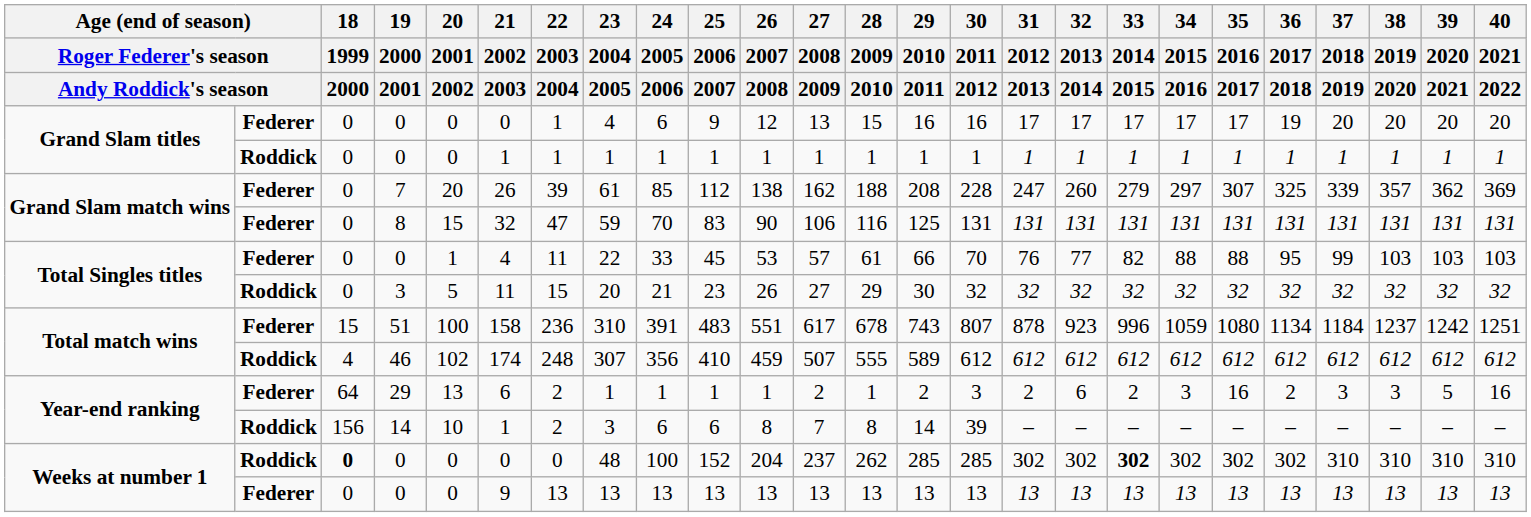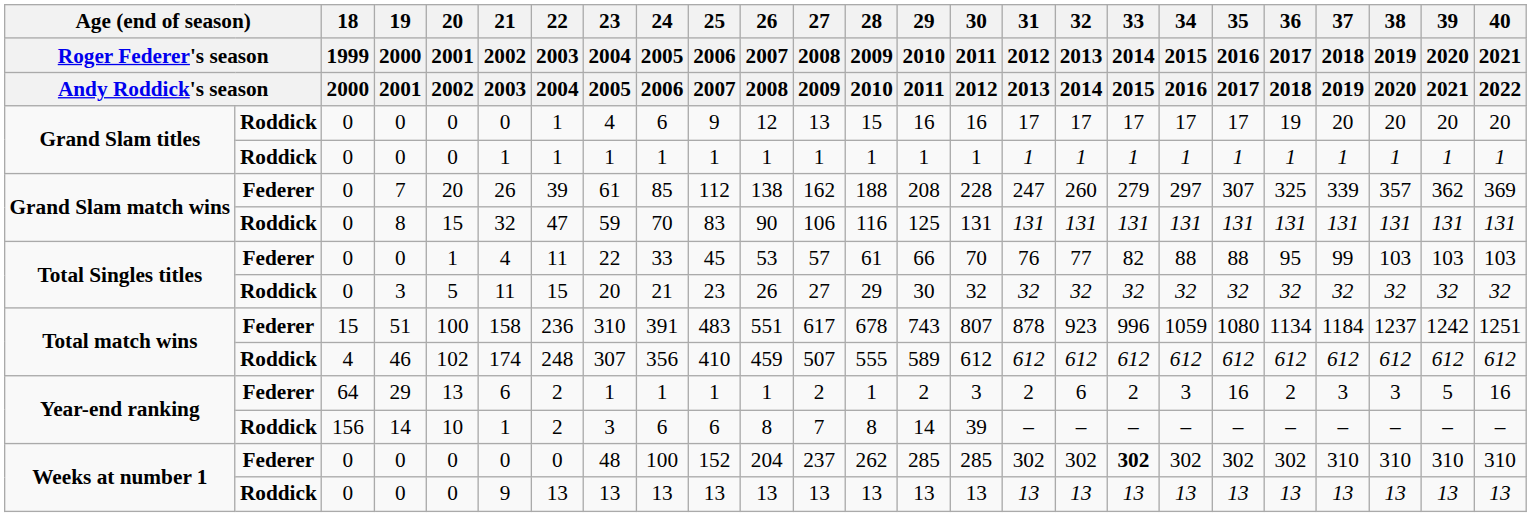 <table class=wikitable style=text-align:center>
 <tr>
 <th colspan=2>Age (end of season)</th>
 <th>18</th>
 <th>19</th>
 <th>20</th>
 <th>21</th>
 <th>22</th>
 <th>23</th>
 <th>24</th>
 <th>25</th>
 <th>26</th>
 <th>27</th>
 <th>28</th>
 <th>29</th>
 <th>30</th>
 <th>31</th>
 <th>32</th>
 <th>33</th>
 <th>34</th>
 <th>35</th>
 <th>36</th>
 <th>37</th>
 <th>38</th>
 <th>39</th>
 <th>40</th>
 </tr>
 <tr>
 <th colspan=2> <a href='#'>Roger Federer</a>'s season</th>
 <th>1999</th>
 <th>2000</th>
 <th>2001</th>
 <th>2002</th>
 <th>2003</th>
 <th>2004</th>
 <th>2005</th>
 <th>2006</th>
 <th>2007</th>
 <th>2008</th>
 <th>2009</th>
 <th>2010</th>
 <th>2011</th>
 <th>2012</th>
 <th>2013</th>
 <th>2014</th>
 <th>2015</th>
 <th>2016</th>
 <th>2017</th>
 <th>2018</th>
 <th>2019</th>
 <th>2020</th>
 <th>2021</th>
 </tr>
 <tr>
 <th colspan=2> <a href='#'>Andy Roddick</a>'s season</th>
 <th>2000</th>
 <th>2001</th>
 <th>2002</th>
 <th>2003</th>
 <th>2004</th>
 <th>2005</th>
 <th>2006</th>
 <th>2007</th>
 <th>2008</th>
 <th>2009</th>
 <th>2010</th>
 <th>2011</th>
 <th>2012</th>
 <th>2013</th>
 <th>2014</th>
 <th>2015</th>
 <th>2016</th>
 <th>2017</th>
 <th>2018</th>
 <th>2019</th>
 <th>2020</th>
 <th>2021</th>
 <th>2022</th>
 </tr>
 <tr>
 <td rowspan=2><strong>Grand Slam titles</strong></td>
-<td><strong>Federer</strong></td>
+<td><strong>Roddick</strong></td>
 <td>0</td>
 <td>0</td>
 <td>0</td>
 <td>0</td>
 <td>1</td>
 <td>4</td>
 <td>6</td>
 <td>9</td>
 <td>12</td>
 <td>13</td>
 <td>15</td>
 <td>16</td>
 <td>16</td>
 <td>17</td>
 <td>17</td>
 <td>17</td>
 <td>17</td>
 <td>17</td>
 <td>19</td>
 <td>20</td>
 <td>20</td>
 <td>20</td>
 <td>20</td>
 </tr>
 <tr>
 <td><strong>Roddick</strong></td>
 <td>0</td>
 <td>0</td>
 <td>0</td>
 <td>1</td>
 <td>1</td>
 <td>1</td>
 <td>1</td>
 <td>1</td>
 <td>1</td>
 <td>1</td>
 <td>1</td>
 <td>1</td>
 <td>1</td>
 <td><em>1</em></td>
 <td><em>1</em></td>
 <td><em>1</em></td>
 <td><em>1</em></td>
 <td><em>1</em></td>
 <td><em>1</em></td>
 <td><em>1</em></td>
 <td><em>1</em></td>
 <td><em>1</em></td>
 <td><em>1</em></td>
 </tr>
 <tr>
 <td rowspan=2><strong>Grand Slam match wins</strong></td>
 <td><strong>Federer</strong></td>
 <td>0</td>
 <td>7</td>
 <td>20</td>
 <td>26</td>
 <td>39</td>
 <td>61</td>
 <td>85</td>
 <td>112</td>
 <td>138</td>
 <td>162</td>
 <td>188</td>
 <td>208</td>
 <td>228</td>
 <td>247</td>
 <td>260</td>
 <td>279</td>
 <td>297</td>
 <td>307</td>
 <td>325</td>
 <td>339</td>
 <td>357</td>
 <td>362</td>
 <td>369</td>
 </tr>
 <tr>
-<td><strong>Federer</strong></td>
+<td><strong>Roddick</strong></td>
 <td>0</td>
 <td>8</td>
 <td>15</td>
 <td>32</td>
 <td>47</td>
 <td>59</td>
 <td>70</td>
 <td>83</td>
 <td>90</td>
 <td>106</td>
 <td>116</td>
 <td>125</td>
 <td>131</td>
 <td><em>131</em></td>
 <td><em>131</em></td>
 <td><em>131</em></td>
 <td><em>131</em></td>
 <td><em>131</em></td>
 <td><em>131</em></td>
 <td><em>131</em></td>
 <td><em>131</em></td>
 <td><em>131</em></td>
 <td><em>131</em></td>
 </tr>
 <tr>
 <td rowspan=2><strong>Total Singles titles</strong></td>
 <td><strong>Federer</strong></td>
 <td>0</td>
 <td>0</td>
 <td>1</td>
 <td>4</td>
 <td>11</td>
 <td>22</td>
 <td>33</td>
 <td>45</td>
 <td>53</td>
 <td>57</td>
 <td>61</td>
 <td>66</td>
 <td>70</td>
 <td>76</td>
 <td>77</td>
 <td>82</td>
 <td>88</td>
 <td>88</td>
 <td>95</td>
 <td>99</td>
 <td>103</td>
 <td>103</td>
 <td>103</td>
 </tr>
 <tr>
 <td><strong>Roddick</strong></td>
 <td>0</td>
 <td>3</td>
 <td>5</td>
 <td>11</td>
 <td>15</td>
 <td>20</td>
 <td>21</td>
 <td>23</td>
 <td>26</td>
 <td>27</td>
 <td>29</td>
 <td>30</td>
 <td>32</td>
 <td><em>32</em></td>
 <td><em>32</em></td>
 <td><em>32</em></td>
 <td><em>32</em></td>
 <td><em>32</em></td>
 <td><em>32</em></td>
 <td><em>32</em></td>
 <td><em>32</em></td>
 <td><em>32</em></td>
 <td><em>32</em></td>
 </tr>
 <tr>
 <td rowspan=2><strong>Total match wins</strong></td>
 <td><strong>Federer</strong></td>
 <td>15</td>
 <td>51</td>
 <td>100</td>
 <td>158</td>
 <td>236</td>
 <td>310</td>
 <td>391</td>
 <td>483</td>
 <td>551</td>
 <td>617</td>
 <td>678</td>
 <td>743</td>
 <td>807</td>
 <td>878</td>
 <td>923</td>
 <td>996</td>
 <td>1059</td>
 <td>1080</td>
 <td>1134</td>
 <td>1184</td>
 <td>1237</td>
 <td>1242</td>
 <td>1251</td>
 </tr>
 <tr>
 <td><strong>Roddick</strong></td>
 <td>4</td>
 <td>46</td>
 <td>102</td>
 <td>174</td>
 <td>248</td>
 <td>307</td>
 <td>356</td>
 <td>410</td>
 <td>459</td>
 <td>507</td>
 <td>555</td>
 <td>589</td>
 <td>612</td>
 <td><em>612</em></td>
 <td><em>612</em></td>
 <td><em>612</em></td>
 <td><em>612</em></td>
 <td><em>612</em></td>
 <td><em>612</em></td>
 <td><em>612</em></td>
 <td><em>612</em></td>
 <td><em>612</em></td>
 <td><em>612</em></td>
 </tr>
 <tr>
 <td rowspan=2><strong>Year-end ranking</strong></td>
 <td><strong>Federer</strong></td>
 <td>64</td>
 <td>29</td>
 <td>13</td>
 <td>6</td>
 <td>2</td>
 <td>1</td>
 <td>1</td>
 <td>1</td>
 <td>1</td>
 <td>2</td>
 <td>1</td>
 <td>2</td>
 <td>3</td>
 <td>2</td>
 <td>6</td>
 <td>2</td>
 <td>3</td>
 <td>16</td>
 <td>2</td>
 <td>3</td>
 <td>3</td>
 <td>5</td>
 <td>16</td>
 </tr>
 <tr>
 <td><strong>Roddick</strong></td>
 <td>156</td>
 <td>14</td>
 <td>10</td>
 <td>1</td>
 <td>2</td>
 <td>3</td>
 <td>6</td>
 <td>6</td>
 <td>8</td>
 <td>7</td>
 <td>8</td>
 <td>14</td>
 <td>39</td>
 <td>–</td>
 <td>–</td>
 <td>–</td>
 <td>–</td>
 <td>–</td>
 <td>–</td>
 <td>–</td>
 <td>–</td>
 <td>–</td>
 <td>–</td>
 </tr>
 <tr>
 <td rowspan=2><strong>Weeks at number 1</strong></td>
-<td><strong>Roddick</strong></td>
-<td><strong>0</strong></td>
+<td><strong>Federer</strong></td>
+<td>0</td>
 <td>0</td>
 <td>0</td>
 <td>0</td>
 <td>0</td>
 <td>48</td>
 <td>100</td>
 <td>152</td>
 <td>204</td>
 <td>237</td>
 <td>262</td>
 <td>285</td>
 <td>285</td>
 <td>302</td>
 <td>302</td>
 <td><strong>302</strong></td>
 <td>302</td>
 <td>302</td>
 <td>302</td>
 <td>310</td>
 <td>310</td>
 <td>310</td>
 <td>310</td>
 </tr>
 <tr>
-<td><strong>Federer</strong></td>
+<td><strong>Roddick</strong></td>
 <td>0</td>
 <td>0</td>
 <td>0</td>
 <td>9</td>
 <td>13</td>
 <td>13</td>
 <td>13</td>
 <td>13</td>
 <td>13</td>
 <td>13</td>
 <td>13</td>
 <td>13</td>
 <td>13</td>
 <td><em>13</em></td>
 <td><em>13</em></td>
 <td><em>13</em></td>
 <td><em>13</em></td>
 <td><em>13</em></td>
 <td><em>13</em></td>
 <td><em>13</em></td>
 <td><em>13</em></td>
 <td><em>13</em></td>
 <td><em>13</em></td>
 </tr>
 </table>
